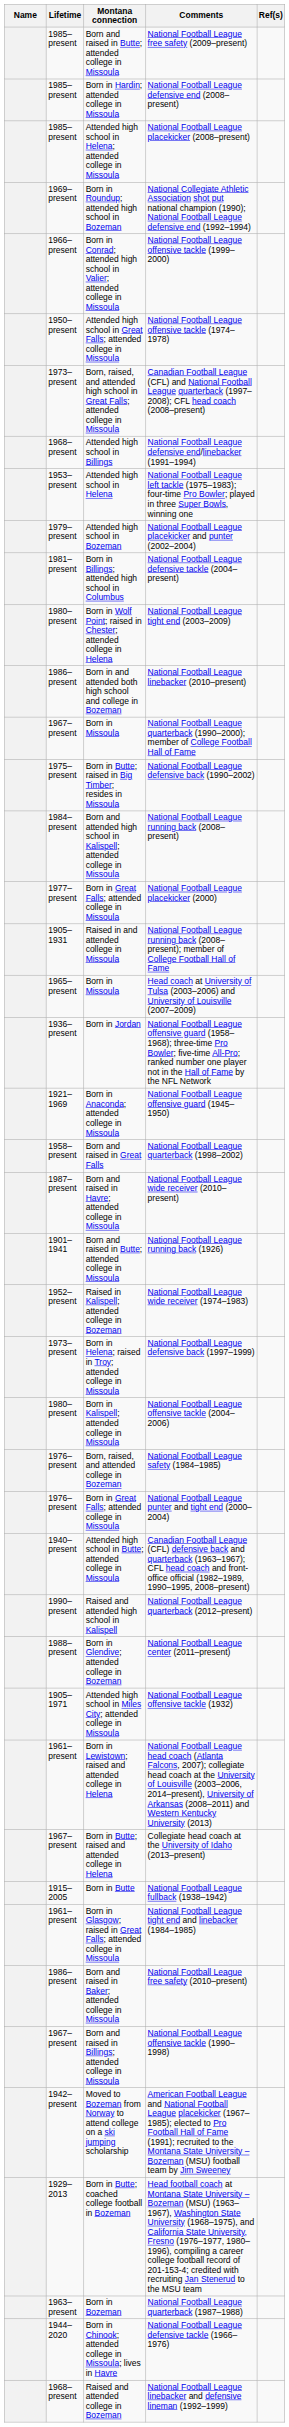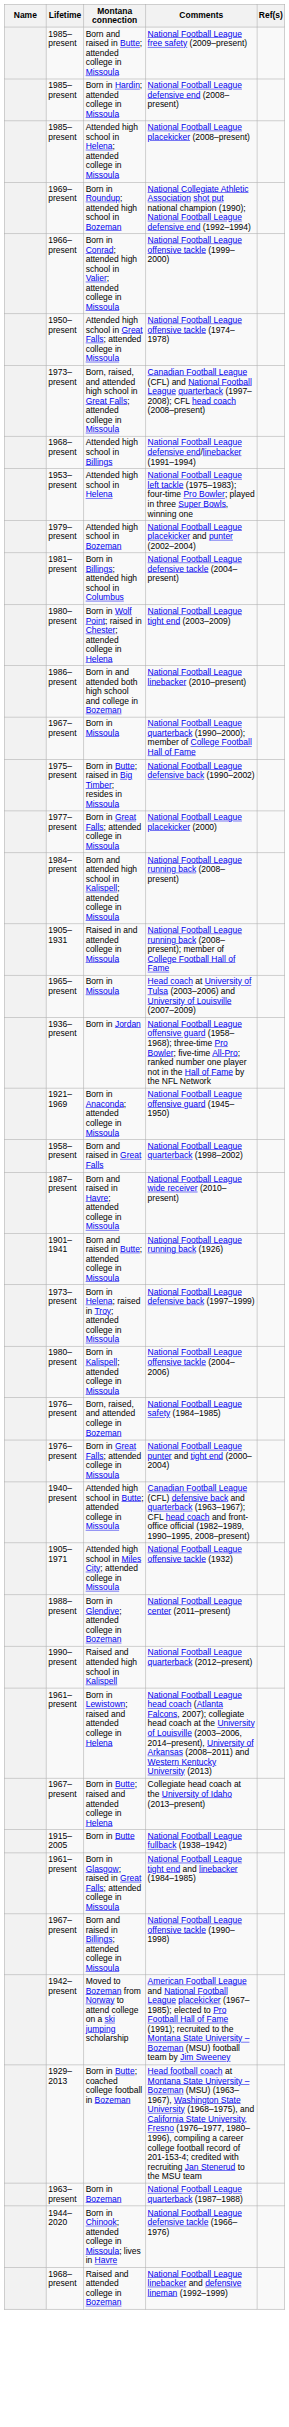 <table class="sortable wikitable plainrowheaders" width="85%">
 <tr>
 <th width="15%" scope="col">Name</th>
 <th scope="col">Lifetime</th>
 <th class="unsortable" scope="col">Montana connection</th>
 <th class="unsortable" scope="col">Comments</th>
 <th class="unsortable" width="2%" scope="col">Ref(s)</th>
 </tr>
 <tr valign="top">
 <th scope="row"></th>
 <td>1985–present</td>
 <td>Born and raised in <a href='#'>Butte</a>; attended college in <a href='#'>Missoula</a></td>
 <td><a href='#'>National Football League</a> <a href='#'>free safety</a> (2009–present)</td>
 <td align="center"></td>
 </tr>
 <tr valign="top">
 <th scope="row"></th>
 <td>1985–present</td>
 <td>Born in <a href='#'>Hardin</a>; attended college in <a href='#'>Missoula</a></td>
 <td><a href='#'>National Football League</a> <a href='#'>defensive end</a> (2008–present)</td>
 <td align="center"></td>
 </tr>
 <tr valign="top">
 <th scope="row"></th>
 <td>1985–present</td>
 <td>Attended high school in <a href='#'>Helena</a>; attended college in <a href='#'>Missoula</a></td>
 <td><a href='#'>National Football League</a> <a href='#'>placekicker</a> (2008–present)</td>
 <td align="center"></td>
 </tr>
 <tr valign="top">
 <th scope="row"></th>
 <td>1969–present</td>
 <td>Born in <a href='#'>Roundup</a>; attended high school in <a href='#'>Bozeman</a></td>
 <td><a href='#'>National Collegiate Athletic Association</a> <a href='#'>shot put</a> national champion (1990); <a href='#'>National Football League</a> <a href='#'>defensive end</a> (1992–1994)</td>
 <td align="center"></td>
 </tr>
 <tr valign="top">
 <th scope="row"></th>
 <td>1966–present</td>
 <td>Born in <a href='#'>Conrad</a>; attended high school in <a href='#'>Valier</a>; attended college in <a href='#'>Missoula</a></td>
 <td><a href='#'>National Football League</a> <a href='#'>offensive tackle</a> (1999–2000)</td>
 <td align="center"></td>
 </tr>
 <tr valign="top">
 <th scope="row"></th>
 <td>1950–present</td>
 <td>Attended high school in <a href='#'>Great Falls</a>; attended college in <a href='#'>Missoula</a></td>
 <td><a href='#'>National Football League</a> <a href='#'>offensive tackle</a> (1974–1978)</td>
 <td align="center"></td>
 </tr>
 <tr valign="top">
 <th scope="row"></th>
 <td>1973–present</td>
 <td>Born, raised, and attended high school in <a href='#'>Great Falls</a>; attended college in <a href='#'>Missoula</a></td>
 <td><a href='#'>Canadian Football League</a> (CFL) and <a href='#'>National Football League</a> <a href='#'>quarterback</a> (1997–2008); CFL <a href='#'>head coach</a> (2008–present)</td>
 <td align="center"></td>
 </tr>
 <tr valign="top">
 <th scope="row"></th>
 <td>1968–present</td>
 <td>Attended high school in <a href='#'>Billings</a></td>
 <td><a href='#'>National Football League</a> <a href='#'>defensive end</a>/<a href='#'>linebacker</a> (1991–1994)</td>
 <td align="center"></td>
 </tr>
 <tr valign="top">
 <th scope="row"></th>
 <td>1953–present</td>
 <td>Attended high school in <a href='#'>Helena</a></td>
 <td><a href='#'>National Football League</a> <a href='#'>left tackle</a> (1975–1983); four-time <a href='#'>Pro Bowler</a>; played in three <a href='#'>Super Bowls</a>, winning one</td>
 <td align="center"></td>
 </tr>
 <tr valign="top">
 <th scope="row"></th>
 <td>1979–present</td>
 <td>Attended high school in <a href='#'>Bozeman</a></td>
 <td><a href='#'>National Football League</a> <a href='#'>placekicker</a> and <a href='#'>punter</a> (2002–2004)</td>
 <td align="center"></td>
 </tr>
 <tr valign="top">
 <th scope="row"></th>
 <td>1981–present</td>
 <td>Born in <a href='#'>Billings</a>; attended high school in <a href='#'>Columbus</a></td>
 <td><a href='#'>National Football League</a> <a href='#'>defensive tackle</a> (2004–present)</td>
 <td align="center"></td>
 </tr>
 <tr valign="top">
 <th scope="row"></th>
 <td>1980–present</td>
 <td>Born in <a href='#'>Wolf Point</a>; raised in <a href='#'>Chester</a>; attended college in <a href='#'>Helena</a></td>
 <td><a href='#'>National Football League</a> <a href='#'>tight end</a> (2003–2009)</td>
 <td align="center"></td>
 </tr>
 <tr valign="top">
 <th scope="row"></th>
 <td>1986–present</td>
 <td>Born in and attended both high school and college in <a href='#'>Bozeman</a></td>
 <td><a href='#'>National Football League</a> <a href='#'>linebacker</a> (2010–present)</td>
 <td align="center"></td>
 </tr>
 <tr valign="top">
 <th scope="row"></th>
 <td>1967–present</td>
 <td>Born in <a href='#'>Missoula</a></td>
 <td><a href='#'>National Football League</a> <a href='#'>quarterback</a> (1990–2000); member of <a href='#'>College Football Hall of Fame</a></td>
 <td align="center"></td>
 </tr>
 <tr valign="top">
 <th scope="row"></th>
 <td>1975–present</td>
 <td>Born in <a href='#'>Butte</a>; raised in <a href='#'>Big Timber</a>; resides in <a href='#'>Missoula</a></td>
 <td><a href='#'>National Football League</a> <a href='#'>defensive back</a> (1990–2002)</td>
 <td align="center"></td>
 </tr>
 <tr valign="top">
 <th scope="row"></th>
-<td>1984–present</td>
-<td>Born and attended high school in <a href='#'>Kalispell</a>; attended college in <a href='#'>Missoula</a></td>
-<td><a href='#'>National Football League</a> <a href='#'>running back</a> (2008–present)</td>
+<td>1977–present</td>
+<td>Born in <a href='#'>Great Falls</a>; attended college in <a href='#'>Missoula</a></td>
+<td><a href='#'>National Football League</a> <a href='#'>placekicker</a> (2000)</td>
 <td align="center"></td>
 </tr>
 <tr valign="top">
 <th scope="row"></th>
-<td>1977–present</td>
-<td>Born in <a href='#'>Great Falls</a>; attended college in <a href='#'>Missoula</a></td>
-<td><a href='#'>National Football League</a> <a href='#'>placekicker</a> (2000)</td>
+<td>1984–present</td>
+<td>Born and attended high school in <a href='#'>Kalispell</a>; attended college in <a href='#'>Missoula</a></td>
+<td><a href='#'>National Football League</a> <a href='#'>running back</a> (2008–present)</td>
 <td align="center"></td>
 </tr>
 <tr valign="top">
 <th scope="row"></th>
 <td>1905–1931</td>
 <td>Raised in and attended college in <a href='#'>Missoula</a></td>
 <td><a href='#'>National Football League</a> <a href='#'>running back</a> (2008–present); member of <a href='#'>College Football Hall of Fame</a></td>
 <td align="center"></td>
 </tr>
 <tr valign="top">
 <th scope="row"></th>
 <td>1965–present</td>
 <td>Born in <a href='#'>Missoula</a></td>
 <td><a href='#'>Head coach</a> at <a href='#'>University of Tulsa</a> (2003–2006) and <a href='#'>University of Louisville</a> (2007–2009)</td>
 <td align="center"></td>
 </tr>
 <tr valign="top">
 <th scope="row"></th>
 <td>1936–present</td>
 <td>Born in <a href='#'>Jordan</a></td>
 <td><a href='#'>National Football League</a> <a href='#'>offensive guard</a> (1958–1968); three-time <a href='#'>Pro Bowler</a>; five-time <a href='#'>All-Pro</a>; ranked number one player not in the <a href='#'>Hall of Fame</a> by the NFL Network</td>
 <td align="center"></td>
 </tr>
 <tr valign="top">
 <th scope="row"></th>
 <td>1921–1969</td>
 <td>Born in <a href='#'>Anaconda</a>; attended college in <a href='#'>Missoula</a></td>
 <td><a href='#'>National Football League</a> <a href='#'>offensive guard</a> (1945–1950)</td>
 <td align="center"></td>
 </tr>
 <tr valign="top">
 <th scope="row"></th>
 <td>1958–present</td>
 <td>Born and raised in <a href='#'>Great Falls</a></td>
 <td><a href='#'>National Football League</a> <a href='#'>quarterback</a> (1998–2002)</td>
 <td align="center"></td>
 </tr>
 <tr valign="top">
 <th scope="row"></th>
 <td>1987–present</td>
 <td>Born and raised in <a href='#'>Havre</a>; attended college in <a href='#'>Missoula</a></td>
 <td><a href='#'>National Football League</a> <a href='#'>wide receiver</a> (2010–present)</td>
 <td align="center"></td>
 </tr>
 <tr valign="top">
 <th scope="row"></th>
 <td>1901–1941</td>
 <td>Born and raised in <a href='#'>Butte</a>; attended college in <a href='#'>Missoula</a></td>
 <td><a href='#'>National Football League</a> <a href='#'>running back</a> (1926)</td>
 <td align="center"></td>
 </tr>
 <tr valign="top">
 <th scope="row"></th>
-<td>1952–present</td>
-<td>Raised in <a href='#'>Kalispell</a>; attended college in <a href='#'>Bozeman</a></td>
-<td><a href='#'>National Football League</a> <a href='#'>wide receiver</a> (1974–1983)</td>
-<td align="center"></td>
-</tr>
-<tr valign="top">
-<th scope="row"></th>
 <td>1973–present</td>
 <td>Born in <a href='#'>Helena</a>; raised in <a href='#'>Troy</a>; attended college in <a href='#'>Missoula</a></td>
 <td><a href='#'>National Football League</a> <a href='#'>defensive back</a> (1997–1999)</td>
 <td align="center"></td>
 </tr>
 <tr valign="top">
 <th scope="row"></th>
 <td>1980–present</td>
 <td>Born in <a href='#'>Kalispell</a>; attended college in <a href='#'>Missoula</a></td>
 <td><a href='#'>National Football League</a> <a href='#'>offensive tackle</a> (2004–2006)</td>
 <td align="center"></td>
 </tr>
 <tr valign="top">
 <th scope="row"></th>
 <td>1976–present</td>
 <td>Born, raised, and attended college in <a href='#'>Bozeman</a></td>
 <td><a href='#'>National Football League</a> <a href='#'>safety</a> (1984–1985)</td>
 <td align="center"></td>
 </tr>
 <tr valign="top">
 <th scope="row"></th>
 <td>1976–present</td>
 <td>Born in <a href='#'>Great Falls</a>; attended college in <a href='#'>Missoula</a></td>
 <td><a href='#'>National Football League</a> <a href='#'>punter</a> and <a href='#'>tight end</a> (2000–2004)</td>
 <td align="center"></td>
 </tr>
 <tr valign="top">
 <th scope="row"></th>
 <td>1940–present</td>
 <td>Attended high school in <a href='#'>Butte</a>; attended college in <a href='#'>Missoula</a></td>
 <td><a href='#'>Canadian Football League</a> (CFL) <a href='#'>defensive back</a> and <a href='#'>quarterback</a> (1963–1967); CFL <a href='#'>head coach</a> and front-office official (1982–1989, 1990–1995, 2008–present)</td>
 <td align="center"></td>
 </tr>
 <tr valign="top">
 <th scope="row"></th>
-<td>1990–present</td>
-<td>Raised and attended high school in <a href='#'>Kalispell</a></td>
-<td><a href='#'>National Football League</a> <a href='#'>quarterback</a> (2012–present)</td>
+<td>1905–1971</td>
+<td>Attended high school in <a href='#'>Miles City</a>; attended college in <a href='#'>Missoula</a></td>
+<td><a href='#'>National Football League</a> <a href='#'>offensive tackle</a> (1932)</td>
 <td align="center"></td>
 </tr>
 <tr valign="top">
 <th scope="row"></th>
 <td>1988–present</td>
 <td>Born in <a href='#'>Glendive</a>; attended college in <a href='#'>Bozeman</a></td>
 <td><a href='#'>National Football League</a> <a href='#'>center</a> (2011–present)</td>
 <td align="center"></td>
 </tr>
 <tr valign="top">
 <th scope="row"></th>
-<td>1905–1971</td>
-<td>Attended high school in <a href='#'>Miles City</a>; attended college in <a href='#'>Missoula</a></td>
-<td><a href='#'>National Football League</a> <a href='#'>offensive tackle</a> (1932)</td>
+<td>1990–present</td>
+<td>Raised and attended high school in <a href='#'>Kalispell</a></td>
+<td><a href='#'>National Football League</a> <a href='#'>quarterback</a> (2012–present)</td>
 <td align="center"></td>
 </tr>
 <tr valign="top">
 <th scope="row"></th>
 <td>1961–present</td>
 <td>Born in <a href='#'>Lewistown</a>; raised and attended college in <a href='#'>Helena</a></td>
 <td><a href='#'>National Football League</a> <a href='#'>head coach</a> (<a href='#'>Atlanta Falcons</a>, 2007); collegiate head coach at the <a href='#'>University of Louisville</a> (2003–2006, 2014–present), <a href='#'>University of Arkansas</a> (2008–2011) and <a href='#'>Western Kentucky University</a> (2013)</td>
 <td align="center"></td>
 </tr>
 <tr valign="top">
 <th scope="row"></th>
 <td>1967–present</td>
 <td>Born in <a href='#'>Butte</a>; raised and attended college in <a href='#'>Helena</a></td>
 <td>Collegiate head coach at the <a href='#'>University of Idaho</a> (2013–present)</td>
 <td align="center"></td>
 </tr>
 <tr valign="top">
 <th scope="row"></th>
 <td>1915–2005</td>
 <td>Born in <a href='#'>Butte</a></td>
 <td><a href='#'>National Football League</a> <a href='#'>fullback</a> (1938–1942)</td>
 <td align="center"></td>
 </tr>
 <tr valign="top">
 <th scope="row"></th>
 <td>1961–present</td>
 <td>Born in <a href='#'>Glasgow</a>; raised in <a href='#'>Great Falls</a>; attended college in <a href='#'>Missoula</a></td>
 <td><a href='#'>National Football League</a> <a href='#'>tight end</a> and <a href='#'>linebacker</a> (1984–1985)</td>
-<td align="center"></td>
-</tr>
-<tr valign="top">
-<th scope="row"></th>
-<td>1986–present</td>
-<td>Born and raised in <a href='#'>Baker</a>; attended college in <a href='#'>Missoula</a></td>
-<td><a href='#'>National Football League</a> <a href='#'>free safety</a> (2010–present)</td>
 <td align="center"></td>
 </tr>
 <tr valign="top">
 <th scope="row"></th>
 <td>1967–present</td>
 <td>Born and raised in <a href='#'>Billings</a>; attended college in <a href='#'>Missoula</a></td>
 <td><a href='#'>National Football League</a> <a href='#'>offensive tackle</a> (1990–1998)</td>
 <td align="center"></td>
 </tr>
 <tr valign="top">
 <th scope="row"></th>
 <td>1942–present</td>
 <td>Moved to <a href='#'>Bozeman</a> from <a href='#'>Norway</a> to attend college on a <a href='#'>ski jumping</a> scholarship</td>
 <td><a href='#'>American Football League</a> and <a href='#'>National Football League</a> <a href='#'>placekicker</a> (1967–1985); elected to <a href='#'>Pro Football Hall of Fame</a> (1991); recruited to the <a href='#'>Montana State University – Bozeman</a> (MSU) football team by <a href='#'>Jim Sweeney</a></td>
 <td align="center"></td>
 </tr>
 <tr valign="top">
 <th scope="row"></th>
 <td>1929–2013</td>
 <td>Born in <a href='#'>Butte</a>; coached college football in <a href='#'>Bozeman</a></td>
 <td><a href='#'>Head football coach</a> at <a href='#'>Montana State University – Bozeman</a> (MSU) (1963–1967), <a href='#'>Washington State University</a> (1968–1975), and <a href='#'>California State University, Fresno</a> (1976–1977, 1980–1996), compiling a career college football record of 201-153-4; credited with recruiting <a href='#'>Jan Stenerud</a> to the MSU team</td>
 <td align="center"></td>
 </tr>
 <tr valign="top">
 <th scope="row"></th>
 <td>1963–present</td>
 <td>Born in <a href='#'>Bozeman</a></td>
 <td><a href='#'>National Football League</a> <a href='#'>quarterback</a> (1987–1988)</td>
 <td align="center"></td>
 </tr>
 <tr valign="top">
 <th scope="row"></th>
 <td>1944–2020</td>
 <td>Born in <a href='#'>Chinook</a>; attended college in <a href='#'>Missoula</a>; lives in <a href='#'>Havre</a></td>
 <td><a href='#'>National Football League</a> <a href='#'>defensive tackle</a> (1966–1976)</td>
 <td align="center"></td>
 </tr>
 <tr valign="top">
 <th scope="row"></th>
 <td>1968–present</td>
 <td>Raised and attended college in <a href='#'>Bozeman</a></td>
 <td><a href='#'>National Football League</a> <a href='#'>linebacker</a> and <a href='#'>defensive lineman</a> (1992–1999)</td>
 <td align="center"></td>
 </tr>
 </table>
